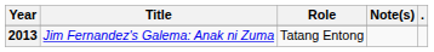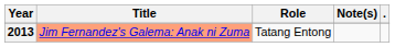 <table class="wikitable plainrowheaders sortable">
 <tr>
 <th scope="col">Year</th>
 <th scope="col">Title</th>
 <th scope="col" class="unsortable">Role</th>
 <th scope="col" class="unsortable">Note(s)</th>
 <th scope="col" class="unsortable">.</th>
 </tr>
 <tr>
 </tr>
 <tr>
 <th scope="row">2013</th>
-<td><em><a href='#'>Jim Fernandez's Galema: Anak ni Zuma</a></em></td>
+<td style="background: lightsalmon;"><em><a href='#'>Jim Fernandez's Galema: Anak ni Zuma</a></em></td>
 <td>Tatang Entong</td>
 <td></td>
 <td style="text-align:center;"></td>
 </tr>
 </table>
